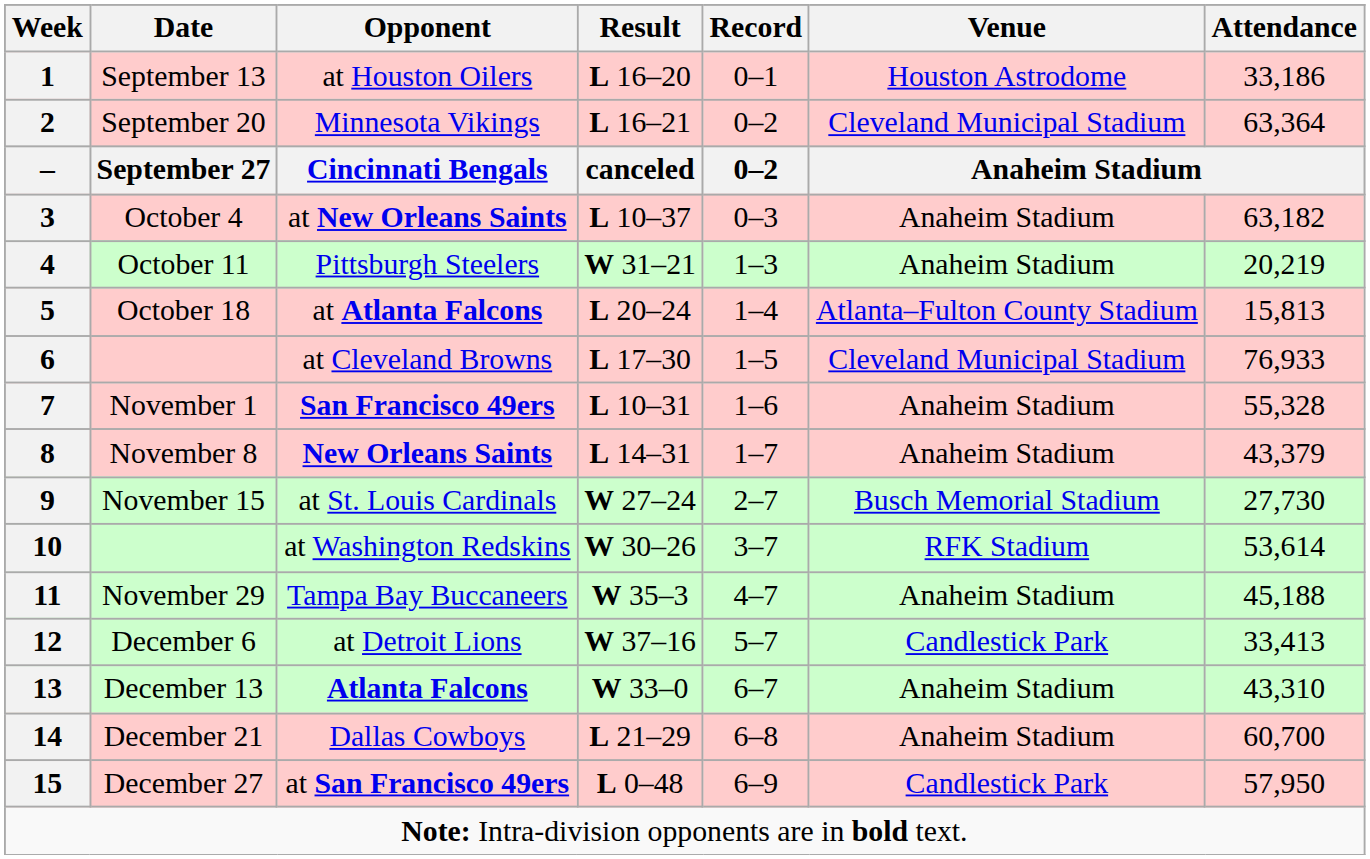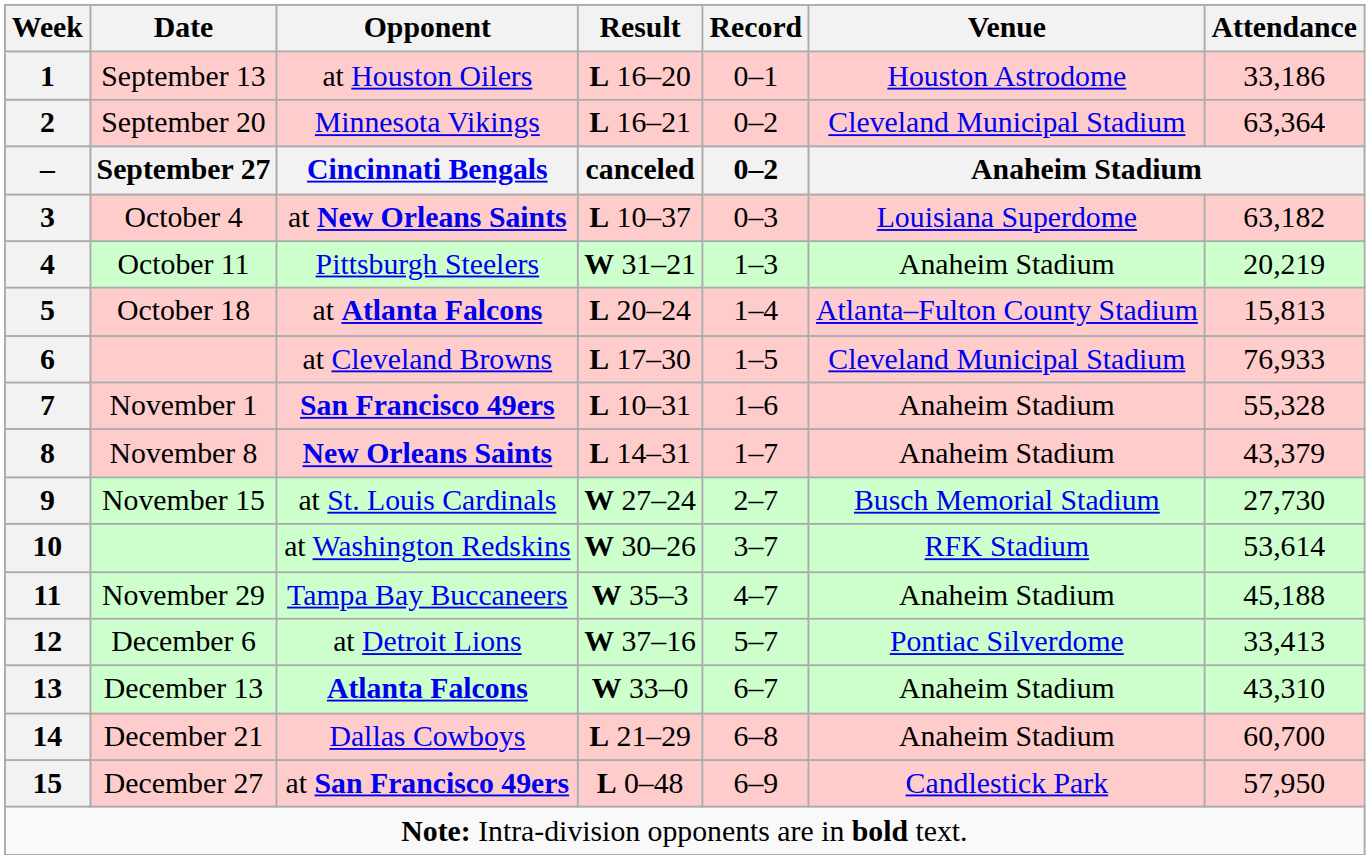 <table class="wikitable" style="text-align:center">
 <tr>
 <th>Week</th>
 <th>Date</th>
 <th>Opponent</th>
 <th>Result</th>
 <th>Record</th>
 <th>Venue</th>
 <th>Attendance</th>
 </tr>
 <tr style="background:#fcc">
 <th>1</th>
 <td>September 13</td>
 <td>at <a href='#'>Houston Oilers</a></td>
 <td><strong>L</strong> 16–20</td>
 <td>0–1</td>
 <td><a href='#'>Houston Astrodome</a></td>
 <td>33,186</td>
 </tr>
 <tr style="background:#fcc">
 <th>2</th>
 <td>September 20</td>
 <td><a href='#'>Minnesota Vikings</a></td>
 <td><strong>L</strong> 16–21</td>
 <td>0–2</td>
 <td><a href='#'>Cleveland Municipal Stadium</a></td>
 <td>63,364</td>
 </tr>
 <tr style="background:#bababa">
 <th>–</th>
 <th>September 27</th>
 <th><a href='#'>Cincinnati Bengals</a></th>
 <th>canceled</th>
 <th>0–2</th>
 <th colspan="2">Anaheim Stadium</th>
 </tr>
 <tr style="background:#fcc">
 <th>3</th>
 <td>October 4</td>
 <td>at <strong><a href='#'>New Orleans Saints</a></strong></td>
 <td><strong>L</strong> 10–37</td>
 <td>0–3</td>
-<td>Anaheim Stadium</td>
+<td><a href='#'>Louisiana Superdome</a></td>
 <td>63,182</td>
 </tr>
 <tr style="background:#cfc">
 <th>4</th>
 <td>October 11</td>
 <td><a href='#'>Pittsburgh Steelers</a></td>
 <td><strong>W</strong> 31–21</td>
 <td>1–3</td>
 <td>Anaheim Stadium</td>
 <td>20,219</td>
 </tr>
 <tr style="background:#fcc">
 <th>5</th>
 <td>October 18</td>
 <td>at <strong><a href='#'>Atlanta Falcons</a></strong></td>
 <td><strong>L</strong> 20–24</td>
 <td>1–4</td>
 <td><a href='#'>Atlanta–Fulton County Stadium</a></td>
 <td>15,813</td>
 </tr>
 <tr style="background:#fcc">
 <th>6</th>
 <td></td>
 <td>at <a href='#'>Cleveland Browns</a></td>
 <td><strong>L</strong> 17–30</td>
 <td>1–5</td>
 <td><a href='#'>Cleveland Municipal Stadium</a></td>
 <td>76,933</td>
 </tr>
 <tr style="background:#fcc">
 <th>7</th>
 <td>November 1</td>
 <td><strong><a href='#'>San Francisco 49ers</a></strong></td>
 <td><strong>L</strong> 10–31</td>
 <td>1–6</td>
 <td>Anaheim Stadium</td>
 <td>55,328</td>
 </tr>
 <tr style="background:#fcc">
 <th>8</th>
 <td>November 8</td>
 <td><strong><a href='#'>New Orleans Saints</a></strong></td>
 <td><strong>L</strong> 14–31</td>
 <td>1–7</td>
 <td>Anaheim Stadium</td>
 <td>43,379</td>
 </tr>
 <tr style="background:#cfc">
 <th>9</th>
 <td>November 15</td>
 <td>at <a href='#'>St. Louis Cardinals</a></td>
 <td><strong>W</strong> 27–24</td>
 <td>2–7</td>
 <td><a href='#'>Busch Memorial Stadium</a></td>
 <td>27,730</td>
 </tr>
 <tr style="background:#cfc">
 <th>10</th>
 <td></td>
 <td>at <a href='#'>Washington Redskins</a></td>
 <td><strong>W</strong> 30–26</td>
 <td>3–7</td>
 <td><a href='#'>RFK Stadium</a></td>
 <td>53,614</td>
 </tr>
 <tr style="background:#cfc">
 <th>11</th>
 <td>November 29</td>
 <td><a href='#'>Tampa Bay Buccaneers</a></td>
 <td><strong>W</strong> 35–3</td>
 <td>4–7</td>
 <td>Anaheim Stadium</td>
 <td>45,188</td>
 </tr>
 <tr style="background:#cfc">
 <th>12</th>
 <td>December 6</td>
 <td>at <a href='#'>Detroit Lions</a></td>
 <td><strong>W</strong> 37–16</td>
 <td>5–7</td>
-<td><a href='#'>Candlestick Park</a></td>
+<td><a href='#'>Pontiac Silverdome</a></td>
 <td>33,413</td>
 </tr>
 <tr style="background:#cfc">
 <th>13</th>
 <td>December 13</td>
 <td><strong><a href='#'>Atlanta Falcons</a></strong></td>
 <td><strong>W</strong> 33–0</td>
 <td>6–7</td>
 <td>Anaheim Stadium</td>
 <td>43,310</td>
 </tr>
 <tr style="background:#fcc">
 <th>14</th>
 <td>December 21</td>
 <td><a href='#'>Dallas Cowboys</a></td>
 <td><strong>L</strong> 21–29</td>
 <td>6–8</td>
 <td>Anaheim Stadium</td>
 <td>60,700</td>
 </tr>
 <tr style="background:#fcc">
 <th>15</th>
 <td>December 27</td>
 <td>at <strong><a href='#'>San Francisco 49ers</a></strong></td>
 <td><strong>L</strong> 0–48</td>
 <td>6–9</td>
 <td><a href='#'>Candlestick Park</a></td>
 <td>57,950</td>
 </tr>
 <tr>
 <td colspan="8"><strong>Note:</strong> Intra-division opponents are in <strong>bold</strong> text.</td>
 </tr>
 </table>
